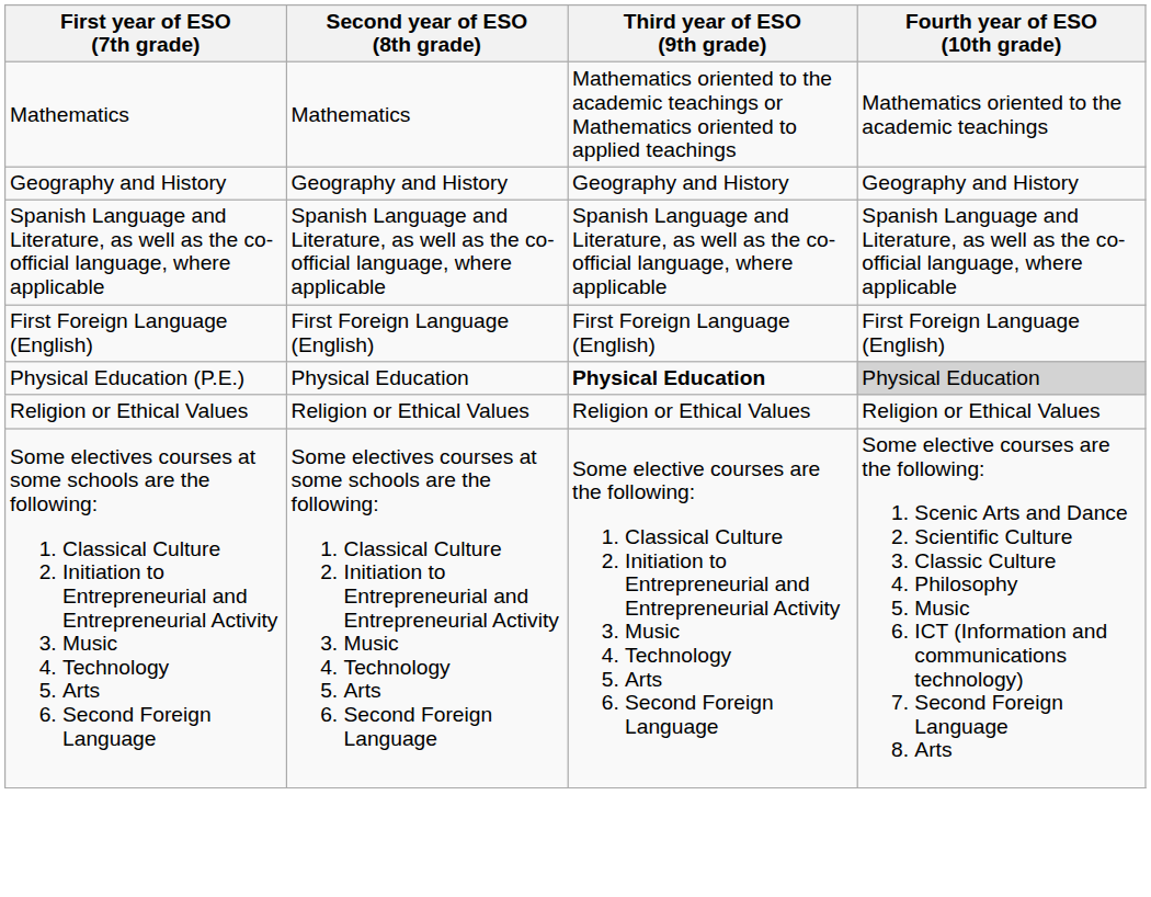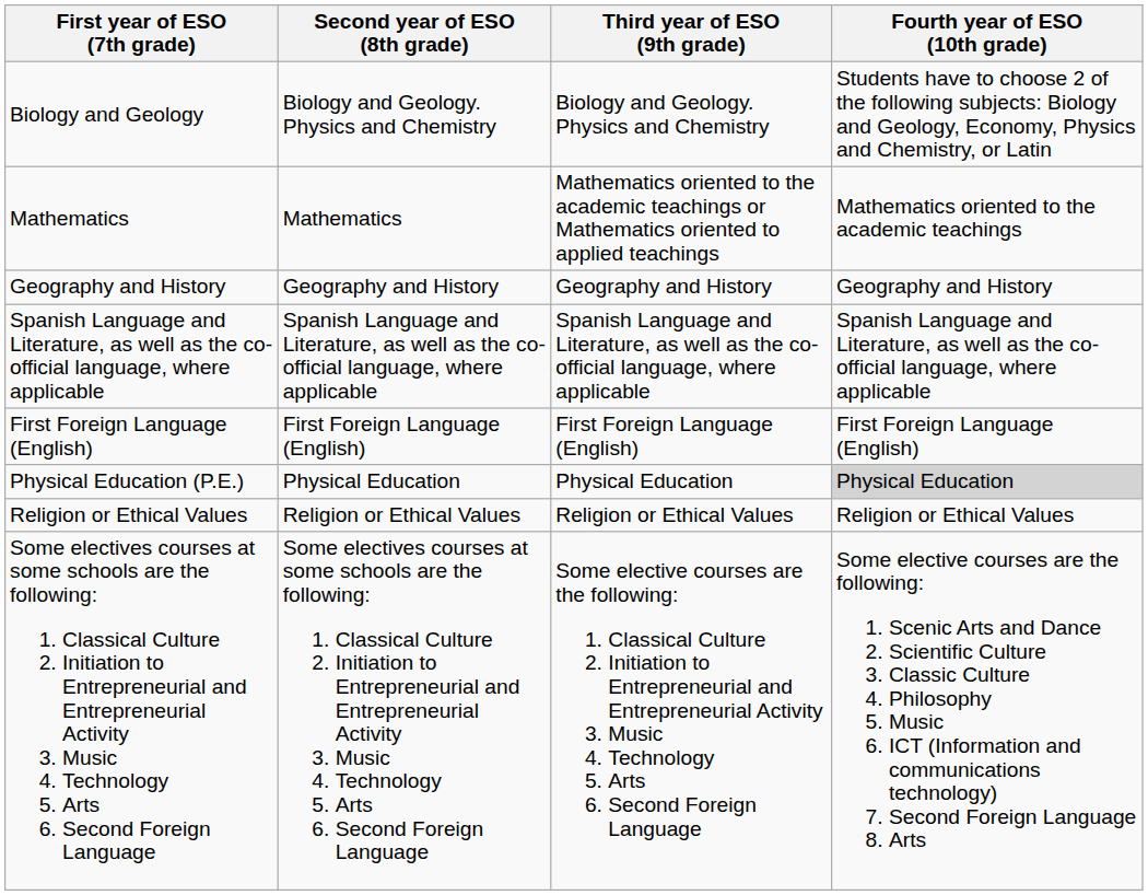 <table class="wikitable">
 <tr>
 <th>First year of ESO<br>(7th grade)</th>
 <th>Second year of ESO<br>(8th grade)</th>
 <th>Third year of ESO<br>(9th grade)</th>
 <th>Fourth year of ESO<br>(10th grade)</th>
+</tr>
+<tr>
+<td>Biology and Geology</td>
+<td>Biology and Geology. Physics and Chemistry</td>
+<td>Biology and Geology. Physics and Chemistry</td>
+<td>Students have to choose 2 of the following subjects: Biology and Geology, Economy, Physics and Chemistry, or Latin</td>
 </tr>
 <tr>
 <td>Mathematics</td>
 <td>Mathematics</td>
 <td>Mathematics oriented to the academic teachings or Mathematics oriented to applied teachings</td>
 <td>Mathematics oriented to the academic teachings</td>
 </tr>
 <tr>
 <td>Geography and History</td>
 <td>Geography and History</td>
 <td>Geography and History</td>
 <td>Geography and History</td>
 </tr>
 <tr>
 <td>Spanish Language and Literature, as well as the co-official language, where applicable</td>
 <td>Spanish Language and Literature, as well as the co-official language, where applicable</td>
 <td>Spanish Language and Literature, as well as the co-official language, where applicable</td>
 <td>Spanish Language and Literature, as well as the co-official language, where applicable</td>
 </tr>
 <tr>
 <td>First Foreign Language (English)</td>
 <td>First Foreign Language (English)</td>
 <td>First Foreign Language (English)</td>
 <td>First Foreign Language (English)</td>
 </tr>
 <tr>
 <td>Physical Education (P.E.)</td>
 <td>Physical Education</td>
-<td><strong>Physical Education</strong></td>
+<td>Physical Education</td>
 <td style="background: lightgrey;">Physical Education</td>
 </tr>
 <tr>
 <td>Religion or Ethical Values</td>
 <td>Religion or Ethical Values</td>
 <td>Religion or Ethical Values</td>
 <td>Religion or Ethical Values</td>
 </tr>
 <tr>
 <td>Some electives courses at some schools are the following:<br><ol><li>Classical Culture</li><li>Initiation to Entrepreneurial and Entrepreneurial Activity</li><li>Music</li><li>Technology</li><li>Arts</li><li>Second Foreign Language</li></ol></td>
 <td>Some electives courses at some schools are the following:<br><ol><li>Classical Culture</li><li>Initiation to Entrepreneurial and Entrepreneurial Activity</li><li>Music</li><li>Technology</li><li>Arts</li><li>Second Foreign Language</li></ol></td>
 <td>Some elective courses are the following:<br><ol><li>Classical Culture</li><li>Initiation to Entrepreneurial and Entrepreneurial Activity</li><li>Music</li><li>Technology</li><li>Arts</li><li>Second Foreign Language</li></ol></td>
 <td>Some elective courses are the following:<br><ol><li>Scenic Arts and Dance</li><li>Scientific Culture</li><li>Classic Culture</li><li>Philosophy</li><li>Music</li><li>ICT (Information and communications technology)</li><li>Second Foreign Language</li><li>Arts</li></ol></td>
 </tr>
 </table>
